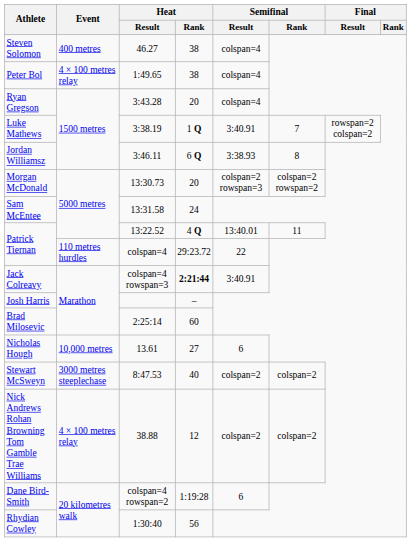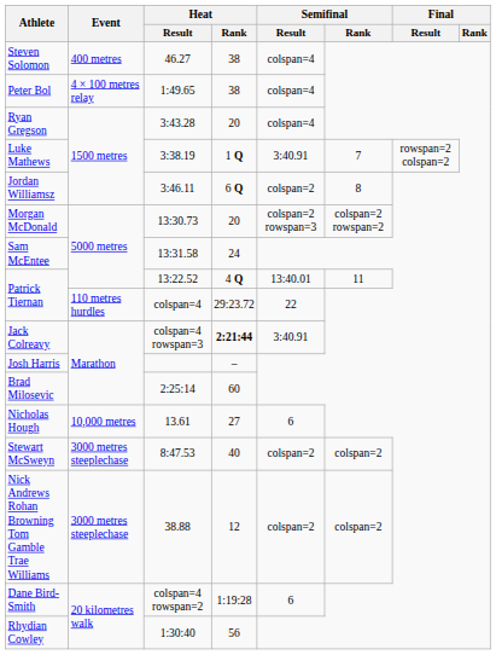 <table class=wikitable style=font-size:90%>
 <tr>
 <th rowspan=2>Athlete</th>
 <th rowspan=2>Event</th>
 <th colspan=2>Heat</th>
 <th colspan=2>Semifinal</th>
 <th colspan=2>Final</th>
 </tr>
 <tr style=font-size:95%>
 <th>Result</th>
 <th>Rank</th>
 <th>Result</th>
 <th>Rank</th>
 <th>Result</th>
 <th>Rank</th>
 </tr>
 <tr align=center>
 <td align=left><a href='#'>Steven Solomon</a></td>
 <td align=left><a href='#'>400 metres</a></td>
 <td>46.27</td>
 <td>38</td>
 <td>colspan=4 </td>
 </tr>
 <tr align=center>
 <td align=left><a href='#'>Peter Bol</a></td>
 <td align=left><a href='#'>4 × 100 metres relay</a></td>
 <td>1:49.65</td>
 <td>38</td>
 <td>colspan=4 </td>
 </tr>
 <tr align=center>
 <td align=left><a href='#'>Ryan Gregson</a></td>
 <td align=left rowspan=3><a href='#'>1500 metres</a></td>
 <td>3:43.28</td>
 <td>20</td>
 <td>colspan=4 </td>
 </tr>
 <tr align=center>
 <td align=left><a href='#'>Luke Mathews</a></td>
 <td>3:38.19</td>
 <td>1 <strong>Q</strong></td>
 <td>3:40.91</td>
 <td>7</td>
 <td>rowspan=2 colspan=2 </td>
 </tr>
 <tr align=center>
 <td align=left><a href='#'>Jordan Williamsz</a></td>
 <td>3:46.11</td>
 <td>6 <strong>Q</strong></td>
-<td>3:38.93</td>
+<td>colspan=2 </td>
 <td>8</td>
 </tr>
 <tr align=center>
 <td align=left><a href='#'>Morgan McDonald</a></td>
 <td align=left rowspan=3><a href='#'>5000 metres</a></td>
 <td>13:30.73</td>
 <td>20</td>
 <td>colspan=2 rowspan=3 </td>
 <td>colspan=2 rowspan=2 </td>
 </tr>
 <tr align=center>
 <td align=left><a href='#'>Sam McEntee</a></td>
 <td>13:31.58</td>
 <td>24</td>
 </tr>
 <tr align=center>
 <td align=left rowspan=2><a href='#'>Patrick Tiernan</a></td>
 <td>13:22.52</td>
 <td>4 <strong>Q</strong></td>
 <td>13:40.01</td>
 <td>11</td>
 </tr>
 <tr align=center>
 <td align=left><a href='#'>110 metres hurdles</a></td>
 <td>colspan=4 </td>
 <td>29:23.72</td>
 <td>22</td>
 </tr>
 <tr align=center>
 <td align=left><a href='#'>Jack Colreavy</a></td>
 <td align=left rowspan=3><a href='#'>Marathon</a></td>
 <td>colspan=4 rowspan=3 </td>
 <td><strong>2:21:44</strong></td>
 <td>3:40.91</td>
 </tr>
 <tr align=center>
 <td align=left><a href='#'>Josh Harris</a></td>
 <td></td>
 <td>–</td>
 </tr>
 <tr align=center>
 <td align=left><a href='#'>Brad Milosevic</a></td>
 <td>2:25:14</td>
 <td>60</td>
 </tr>
 <tr align=center>
 <td align=left><a href='#'>Nicholas Hough</a></td>
 <td align=left><a href='#'>10,000 metres</a></td>
 <td>13.61</td>
 <td>27</td>
 <td>6</td>
 </tr>
 <tr align=center>
 <td align=left><a href='#'>Stewart McSweyn</a></td>
 <td align=left><a href='#'>3000 metres steeplechase</a></td>
 <td>8:47.53</td>
 <td>40</td>
 <td>colspan=2 </td>
 <td>colspan=2 </td>
 </tr>
 <tr align=center>
 <td align=left><a href='#'>Nick Andrews</a><br><a href='#'>Rohan Browning</a><br><a href='#'>Tom Gamble</a><br><a href='#'>Trae Williams</a></td>
-<td align=left><a href='#'>4 × 100 metres relay</a></td>
+<td align=left><a href='#'>3000 metres steeplechase</a></td>
 <td>38.88 <strong></strong></td>
 <td>12</td>
 <td>colspan=2 </td>
 <td>colspan=2 </td>
 </tr>
 <tr align=center>
 <td align=left><a href='#'>Dane Bird-Smith</a></td>
 <td align=left rowspan=2><a href='#'>20 kilometres walk</a></td>
 <td>colspan=4 rowspan=2 </td>
 <td>1:19:28 <strong></strong></td>
 <td>6</td>
 </tr>
 <tr align=center>
 <td align=left><a href='#'>Rhydian Cowley</a></td>
 <td>1:30:40</td>
 <td>56</td>
 </tr>
 </table>
